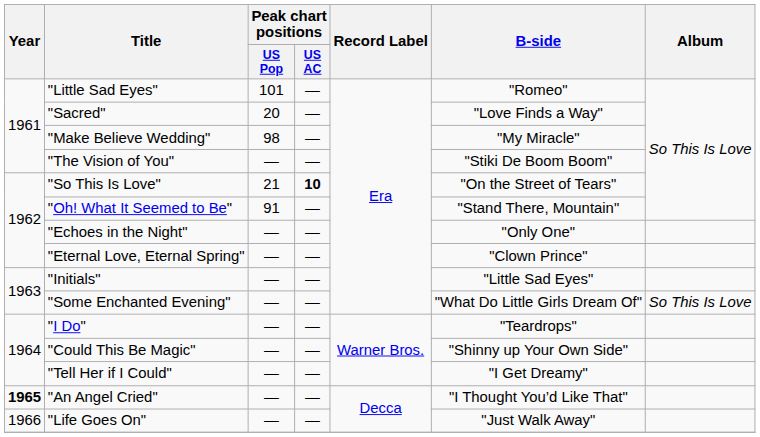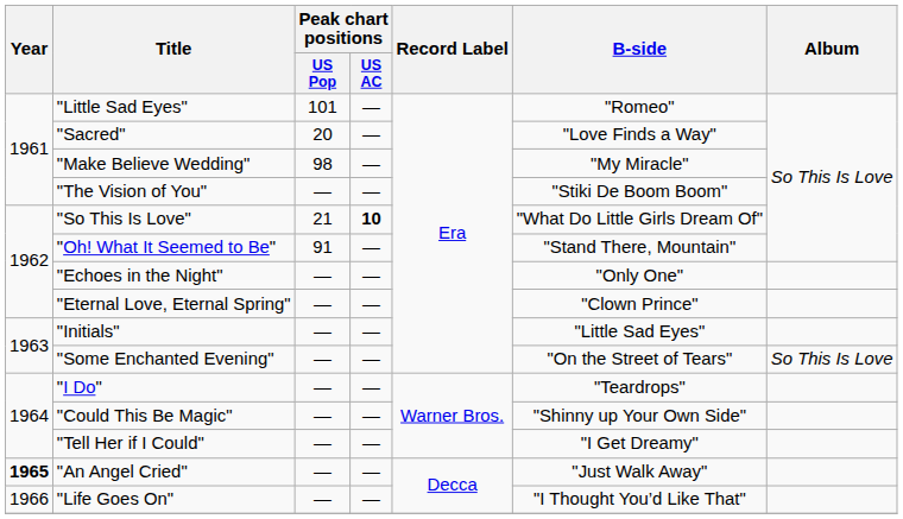 <table class="wikitable" style=text-align:center;>
 <tr>
 <th rowspan="2">Year</th>
 <th rowspan="2">Title</th>
 <th colspan="2">Peak chart<br>positions</th>
 <th rowspan="2">Record Label</th>
 <th rowspan="2"><a href='#'>B-side</a></th>
 <th rowspan="2">Album</th>
 </tr>
 <tr style="font-size:smaller;">
 <th align=centre><a href='#'>US<br>Pop</a></th>
 <th align=centre><a href='#'>US<br>AC</a></th>
 </tr>
 <tr>
 <td rowspan="4">1961</td>
 <td align=left>"Little Sad Eyes"</td>
 <td>101</td>
 <td>—</td>
 <td rowspan="10"><a href='#'>Era</a></td>
 <td rowspan="1">"Romeo"</td>
 <td rowspan="6"><em>So This Is Love</em></td>
 </tr>
 <tr>
 <td align=left>"Sacred"</td>
 <td>20</td>
 <td>—</td>
 <td rowspan="1">"Love Finds a Way"</td>
 </tr>
 <tr>
 <td align=left>"Make Believe Wedding"</td>
 <td>98</td>
 <td>—</td>
 <td rowspan="1">"My Miracle"</td>
 </tr>
 <tr>
 <td align=left>"The Vision of You"</td>
 <td>—</td>
 <td>—</td>
 <td rowspan="1">"Stiki De Boom Boom"</td>
 </tr>
 <tr>
 <td rowspan="4">1962</td>
 <td align=left>"So This Is Love"</td>
 <td>21</td>
 <td><strong>10</strong></td>
-<td rowspan="1">"On the Street of Tears"</td>
+<td rowspan="1">"What Do Little Girls Dream Of"</td>
 </tr>
 <tr>
 <td align=left>"<a href='#'>Oh! What It Seemed to Be</a>"</td>
 <td>91</td>
 <td>—</td>
 <td rowspan="1">"Stand There, Mountain"</td>
 </tr>
 <tr>
 <td align=left>"Echoes in the Night"</td>
 <td>—</td>
 <td>—</td>
 <td rowspan="1">"Only One"</td>
 <td rowspan="1"></td>
 </tr>
 <tr>
 <td align=left>"Eternal Love, Eternal Spring"</td>
 <td>—</td>
 <td>—</td>
 <td rowspan="1">"Clown Prince"</td>
 <td rowspan="1"></td>
 </tr>
 <tr>
 <td rowspan="2">1963</td>
 <td align=left>"Initials"</td>
 <td>—</td>
 <td>—</td>
 <td rowspan="1">"Little Sad Eyes"</td>
 <td rowspan="1"></td>
 </tr>
 <tr>
 <td align=left>"Some Enchanted Evening"</td>
 <td>—</td>
 <td>—</td>
-<td rowspan="1">"What Do Little Girls Dream Of"</td>
+<td rowspan="1">"On the Street of Tears"</td>
 <td rowspan="1"><em>So This Is Love</em></td>
 </tr>
 <tr>
 <td rowspan="3">1964</td>
 <td align=left>"<a href='#'>I Do</a>"</td>
 <td>—</td>
 <td>—</td>
 <td rowspan="3"><a href='#'>Warner Bros.</a></td>
 <td rowspan="1">"Teardrops"</td>
 <td rowspan="1"></td>
 </tr>
 <tr>
 <td align=left>"Could This Be Magic"</td>
 <td>—</td>
 <td>—</td>
 <td rowspan="1">"Shinny up Your Own Side"</td>
 <td rowspan="1"></td>
 </tr>
 <tr>
 <td align=left>"Tell Her if I Could"</td>
 <td>—</td>
 <td>—</td>
 <td rowspan="1">"I Get Dreamy"</td>
 <td rowspan="1"></td>
 </tr>
 <tr>
 <td rowspan="1"><strong>1965</strong></td>
 <td align=left>"An Angel Cried"</td>
 <td>—</td>
 <td>—</td>
 <td rowspan="2"><a href='#'>Decca</a></td>
-<td rowspan="1">"I Thought You’d Like That"</td>
+<td rowspan="1">"Just Walk Away"</td>
 <td rowspan="1"></td>
 </tr>
 <tr>
 <td rowspan="1">1966</td>
 <td align=left>"Life Goes On"</td>
 <td>—</td>
 <td>—</td>
-<td rowspan="1">"Just Walk Away"</td>
+<td rowspan="1">"I Thought You’d Like That"</td>
 <td rowspan="1"></td>
 </tr>
 <tr>
 </tr>
 </table>
